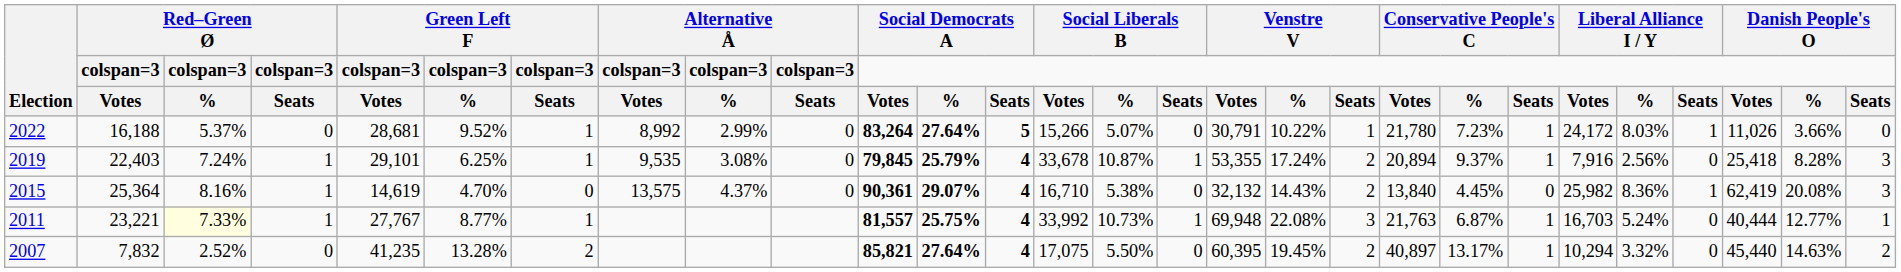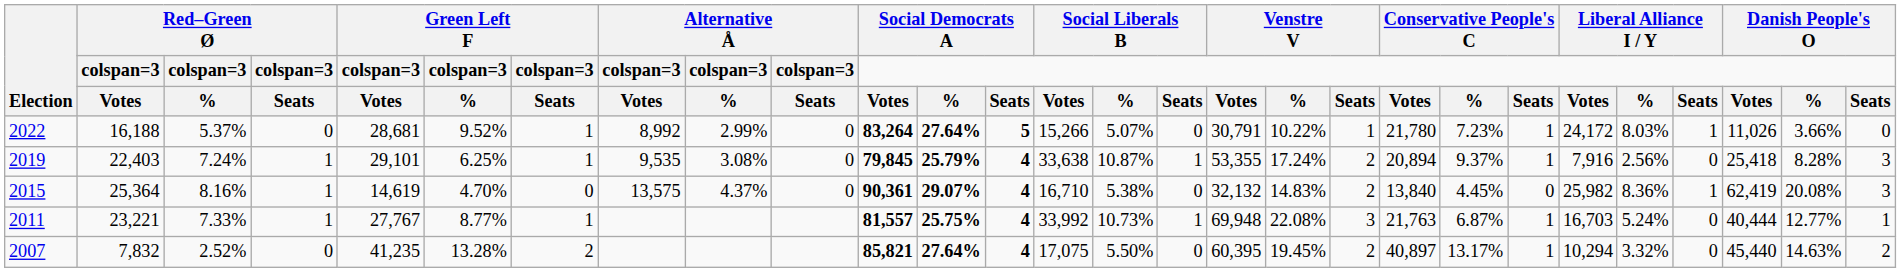 <table class="wikitable" border="1" style="font-size:85%; text-align:right;">
 <tr>
 <th style="text-align:left;" valign=bottom rowspan=3>Election</th>
 <th valign=bottom colspan=3><a href='#'>Red–Green</a><br>Ø</th>
 <th valign=bottom colspan=3><a href='#'>Green Left</a><br>F</th>
 <th valign=bottom colspan=3><a href='#'>Alternative</a><br>Å</th>
 <th valign=bottom colspan=3><a href='#'>Social Democrats</a><br>A</th>
 <th valign=bottom colspan=3><a href='#'>Social Liberals</a><br>B</th>
 <th valign=bottom colspan=3><a href='#'>Venstre</a><br>V</th>
 <th valign=bottom colspan=3><a href='#'>Conservative People's</a><br>C</th>
 <th valign=bottom colspan=3><a href='#'>Liberal Alliance</a><br>I / Y</th>
 <th valign=bottom colspan=3><a href='#'>Danish People's</a><br>O</th>
 </tr>
 <tr>
 <th>colspan=3 </th>
 <th>colspan=3 </th>
 <th>colspan=3 </th>
 <th>colspan=3 </th>
 <th>colspan=3 </th>
 <th>colspan=3 </th>
 <th>colspan=3 </th>
 <th>colspan=3 </th>
 <th>colspan=3 </th>
 </tr>
 <tr>
 <th>Votes</th>
 <th>%</th>
 <th>Seats</th>
 <th>Votes</th>
 <th>%</th>
 <th>Seats</th>
 <th>Votes</th>
 <th>%</th>
 <th>Seats</th>
 <th>Votes</th>
 <th>%</th>
 <th>Seats</th>
 <th>Votes</th>
 <th>%</th>
 <th>Seats</th>
 <th>Votes</th>
 <th>%</th>
 <th>Seats</th>
 <th>Votes</th>
 <th>%</th>
 <th>Seats</th>
 <th>Votes</th>
 <th>%</th>
 <th>Seats</th>
 <th>Votes</th>
 <th>%</th>
 <th>Seats</th>
 </tr>
 <tr>
 <td align=left><a href='#'>2022</a></td>
 <td>16,188</td>
 <td>5.37%</td>
 <td>0</td>
 <td>28,681</td>
 <td>9.52%</td>
 <td>1</td>
 <td>8,992</td>
 <td>2.99%</td>
 <td>0</td>
 <td><strong>83,264</strong></td>
 <td><strong>27.64%</strong></td>
 <td><strong>5</strong></td>
 <td>15,266</td>
 <td>5.07%</td>
 <td>0</td>
 <td>30,791</td>
 <td>10.22%</td>
 <td>1</td>
 <td>21,780</td>
 <td>7.23%</td>
 <td>1</td>
 <td>24,172</td>
 <td>8.03%</td>
 <td>1</td>
 <td>11,026</td>
 <td>3.66%</td>
 <td>0</td>
 </tr>
 <tr>
 <td align=left><a href='#'>2019</a></td>
 <td>22,403</td>
 <td>7.24%</td>
 <td>1</td>
 <td>29,101</td>
 <td>6.25%</td>
 <td>1</td>
 <td>9,535</td>
 <td>3.08%</td>
 <td>0</td>
 <td><strong>79,845</strong></td>
 <td><strong>25.79%</strong></td>
 <td><strong>4</strong></td>
-<td>33,678</td>
+<td>33,638</td>
 <td>10.87%</td>
 <td>1</td>
 <td>53,355</td>
 <td>17.24%</td>
 <td>2</td>
 <td>20,894</td>
 <td>9.37%</td>
 <td>1</td>
 <td>7,916</td>
 <td>2.56%</td>
 <td>0</td>
 <td>25,418</td>
 <td>8.28%</td>
 <td>3</td>
 </tr>
 <tr>
 <td align=left><a href='#'>2015</a></td>
 <td>25,364</td>
 <td>8.16%</td>
 <td>1</td>
 <td>14,619</td>
 <td>4.70%</td>
 <td>0</td>
 <td>13,575</td>
 <td>4.37%</td>
 <td>0</td>
 <td><strong>90,361</strong></td>
 <td><strong>29.07%</strong></td>
 <td><strong>4</strong></td>
 <td>16,710</td>
 <td>5.38%</td>
 <td>0</td>
 <td>32,132</td>
-<td>14.43%</td>
+<td>14.83%</td>
 <td>2</td>
 <td>13,840</td>
 <td>4.45%</td>
 <td>0</td>
 <td>25,982</td>
 <td>8.36%</td>
 <td>1</td>
 <td>62,419</td>
 <td>20.08%</td>
 <td>3</td>
 </tr>
 <tr>
 <td align=left><a href='#'>2011</a></td>
 <td>23,221</td>
-<td style="background: lightyellow;">7.33%</td>
+<td>7.33%</td>
 <td>1</td>
 <td>27,767</td>
 <td>8.77%</td>
 <td>1</td>
 <td></td>
 <td></td>
 <td></td>
 <td><strong>81,557</strong></td>
 <td><strong>25.75%</strong></td>
 <td><strong>4</strong></td>
 <td>33,992</td>
 <td>10.73%</td>
 <td>1</td>
 <td>69,948</td>
 <td>22.08%</td>
 <td>3</td>
 <td>21,763</td>
 <td>6.87%</td>
 <td>1</td>
 <td>16,703</td>
 <td>5.24%</td>
 <td>0</td>
 <td>40,444</td>
 <td>12.77%</td>
 <td>1</td>
 </tr>
 <tr>
 <td align=left><a href='#'>2007</a></td>
 <td>7,832</td>
 <td>2.52%</td>
 <td>0</td>
 <td>41,235</td>
 <td>13.28%</td>
 <td>2</td>
 <td></td>
 <td></td>
 <td></td>
 <td><strong>85,821</strong></td>
 <td><strong>27.64%</strong></td>
 <td><strong>4</strong></td>
 <td>17,075</td>
 <td>5.50%</td>
 <td>0</td>
 <td>60,395</td>
 <td>19.45%</td>
 <td>2</td>
 <td>40,897</td>
 <td>13.17%</td>
 <td>1</td>
 <td>10,294</td>
 <td>3.32%</td>
 <td>0</td>
 <td>45,440</td>
 <td>14.63%</td>
 <td>2</td>
 </tr>
 </table>
